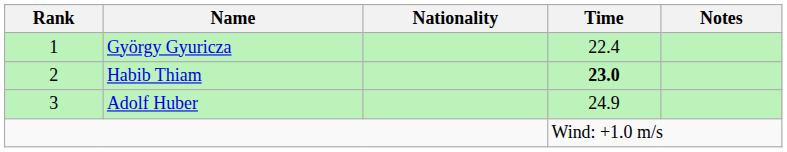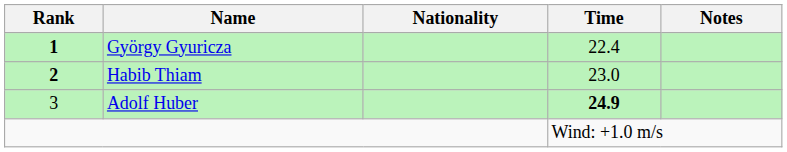 <table class="wikitable sortable" style="text-align:center;width: 55%">
 <tr>
 <th>Rank</th>
 <th>Name</th>
 <th>Nationality</th>
 <th>Time</th>
 <th>Notes</th>
 </tr>
 <tr bgcolor=bbf3bb>
-<td>1</td>
+<td><strong>1</strong></td>
 <td align=left><a href='#'>György Gyuricza</a></td>
 <td align=left></td>
 <td>22.4</td>
 <td></td>
 </tr>
 <tr bgcolor=bbf3bb>
-<td>2</td>
+<td><strong>2</strong></td>
 <td align=left><a href='#'>Habib Thiam</a></td>
 <td align=left></td>
-<td><strong>23.0</strong></td>
+<td>23.0</td>
 <td></td>
 </tr>
 <tr bgcolor=bbf3bb>
 <td>3</td>
 <td align=left><a href='#'>Adolf Huber</a></td>
 <td align=left></td>
-<td>24.9</td>
+<td><strong>24.9</strong></td>
 <td></td>
 </tr>
 <tr class="sortbottom">
 <td colspan="3"></td>
 <td colspan="2" style="text-align:left;">Wind: +1.0 m/s</td>
 </tr>
 </table>
